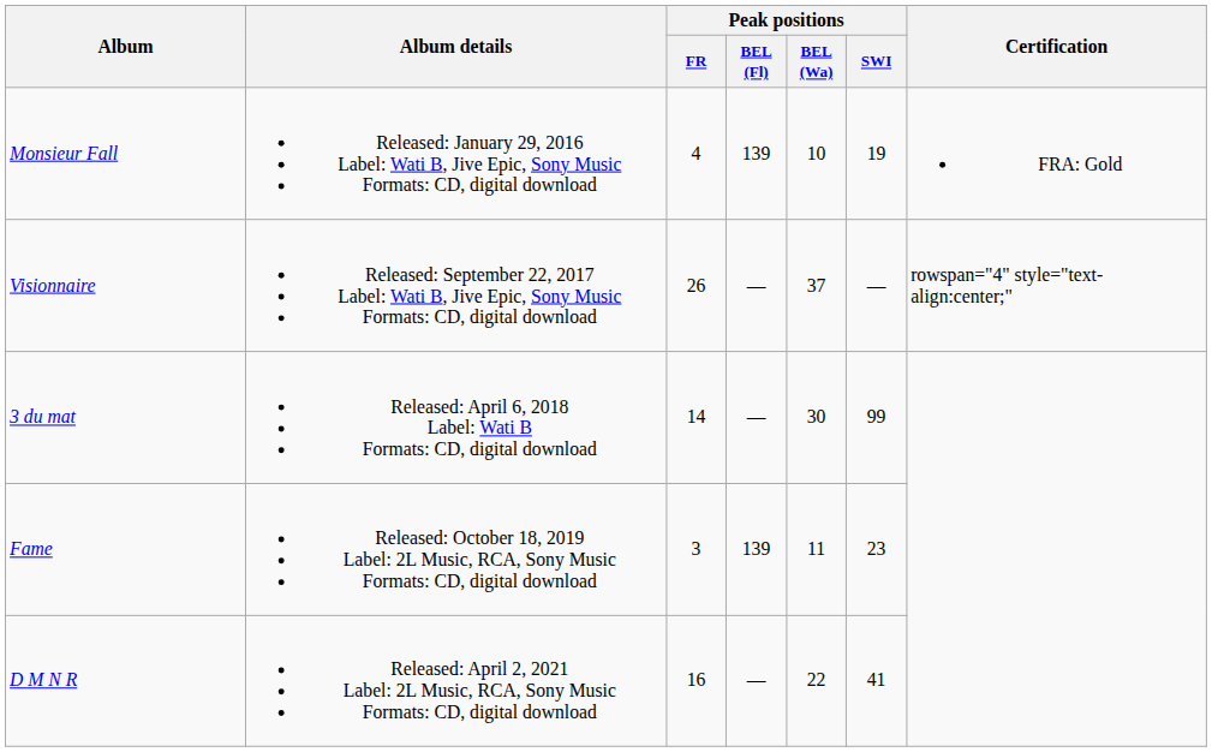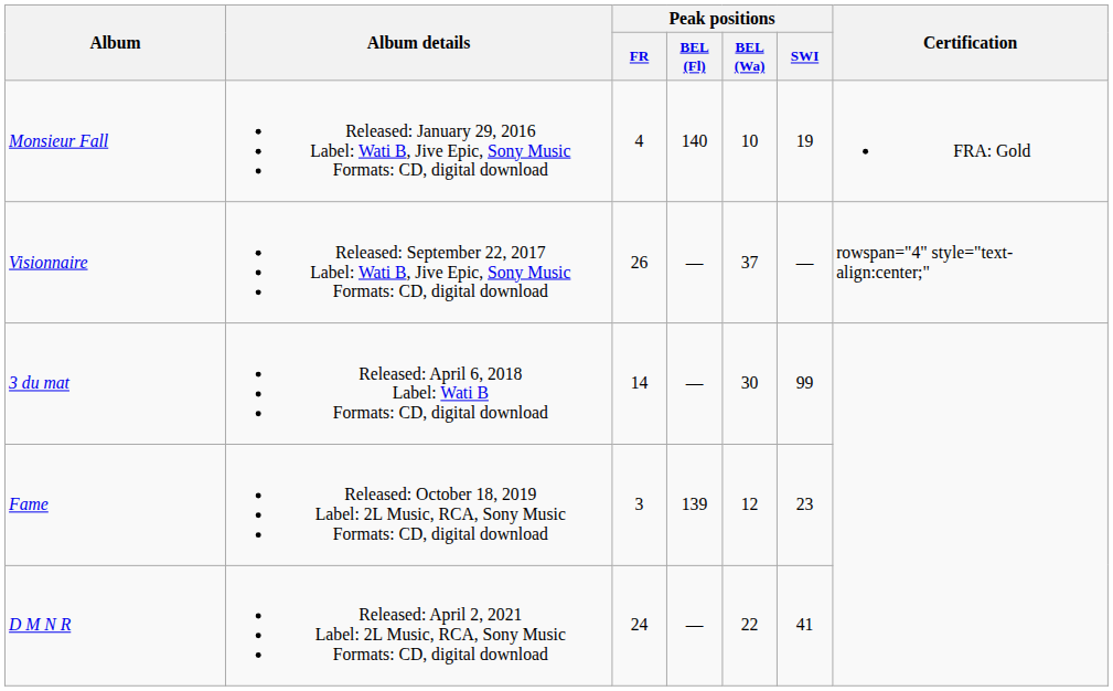 <table class="wikitable" style="font-size:99%; text-align:left;" width="80%" "class="wikitable">
 <tr>
 <th rowspan="2" align="center" width="20%">Album</th>
 <th align="center" rowspan="2" width="35%">Album details</th>
 <th align="center" colspan="4" width="40%">Peak positions</th>
 <th align="center" rowspan="2" width="40%">Certification</th>
 </tr>
 <tr>
 <th width="5%"><small><a href='#'>FR</a><br></small></th>
 <th width="5%"><small><a href='#'>BEL<br>(Fl)</a><br></small></th>
 <th width="5%"><small><a href='#'>BEL<br>(Wa)</a><br></small></th>
 <th width="5%"><small><a href='#'>SWI</a><br></small></th>
 </tr>
 <tr>
 <td><em><a href='#'>Monsieur Fall</a></em></td>
 <td style="text-align:center;"><br><ul><li>Released: January 29, 2016</li><li>Label: <a href='#'>Wati B</a>, Jive Epic, <a href='#'>Sony Music</a></li><li>Formats: CD, digital download</li></ul></td>
 <td style="text-align:center;">4</td>
-<td style="text-align:center;">139</td>
+<td style="text-align:center;">140</td>
 <td style="text-align:center;">10</td>
 <td style="text-align:center;">19</td>
 <td style="text-align:center;"><br><ul><li>FRA: Gold</li></ul></td>
 </tr>
 <tr>
 <td><em><a href='#'>Visionnaire</a></em></td>
 <td style="text-align:center;"><br><ul><li>Released: September 22, 2017</li><li>Label: <a href='#'>Wati B</a>, Jive Epic, <a href='#'>Sony Music</a></li><li>Formats: CD, digital download</li></ul></td>
 <td style="text-align:center;">26<br></td>
 <td style="text-align:center;">—</td>
 <td style="text-align:center;">37</td>
 <td style="text-align:center;">—</td>
 <td>rowspan="4" style="text-align:center;" </td>
 </tr>
 <tr>
 <td><em><a href='#'>3 du mat</a></em></td>
 <td style="text-align:center;"><br><ul><li>Released: April 6, 2018</li><li>Label: <a href='#'>Wati B</a></li><li>Formats: CD, digital download</li></ul></td>
 <td style="text-align:center;">14</td>
 <td style="text-align:center;">—</td>
 <td style="text-align:center;">30</td>
 <td style="text-align:center;">99</td>
 </tr>
 <tr>
 <td><em><a href='#'>Fame</a></em></td>
 <td style="text-align:center;"><br><ul><li>Released: October 18, 2019</li><li>Label: 2L Music, RCA, Sony Music</li><li>Formats: CD, digital download</li></ul></td>
 <td style="text-align:center;">3<br></td>
 <td style="text-align:center;">139</td>
-<td style="text-align:center;">11</td>
+<td style="text-align:center;">12</td>
 <td style="text-align:center;">23</td>
 </tr>
 <tr>
 <td><em><a href='#'>D M N R</a></em></td>
 <td style="text-align:center;"><br><ul><li>Released: April 2, 2021</li><li>Label: 2L Music, RCA, Sony Music</li><li>Formats: CD, digital download</li></ul></td>
-<td style="text-align:center;">16</td>
+<td style="text-align:center;">24</td>
 <td style="text-align:center;">—</td>
 <td style="text-align:center;">22</td>
 <td style="text-align:center;">41</td>
 </tr>
 </table>
